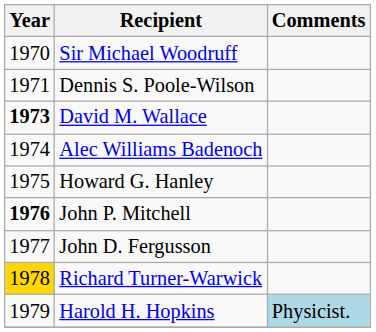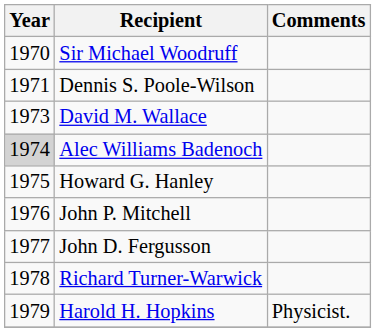 <table class="wikitable">
 <tr>
 <th>Year</th>
 <th>Recipient</th>
 <th>Comments</th>
 </tr>
 <tr>
 <td>1970</td>
 <td><a href='#'>Sir Michael Woodruff</a></td>
 <td></td>
 </tr>
 <tr>
 <td>1971</td>
 <td>Dennis S. Poole-Wilson</td>
 <td></td>
 </tr>
 <tr>
-<td><strong>1973</strong></td>
+<td>1973</td>
 <td><a href='#'>David M. Wallace</a></td>
 <td></td>
 </tr>
 <tr>
-<td>1974</td>
+<td style="background: lightgrey;">1974</td>
 <td><a href='#'>Alec Williams Badenoch</a></td>
 <td></td>
 </tr>
 <tr>
 <td>1975</td>
 <td>Howard G. Hanley</td>
 <td></td>
 </tr>
 <tr>
-<td><strong>1976</strong></td>
+<td>1976</td>
 <td>John P. Mitchell</td>
 <td></td>
 </tr>
 <tr>
 <td>1977</td>
 <td>John D. Fergusson</td>
 <td></td>
 </tr>
 <tr>
-<td style="background: gold;">1978</td>
+<td>1978</td>
 <td><a href='#'>Richard Turner-Warwick</a></td>
 <td></td>
 </tr>
 <tr>
 <td>1979</td>
 <td><a href='#'>Harold H. Hopkins</a></td>
-<td style="background: lightblue;">Physicist.</td>
+<td>Physicist.</td>
 </tr>
 <tr>
 </tr>
 </table>
